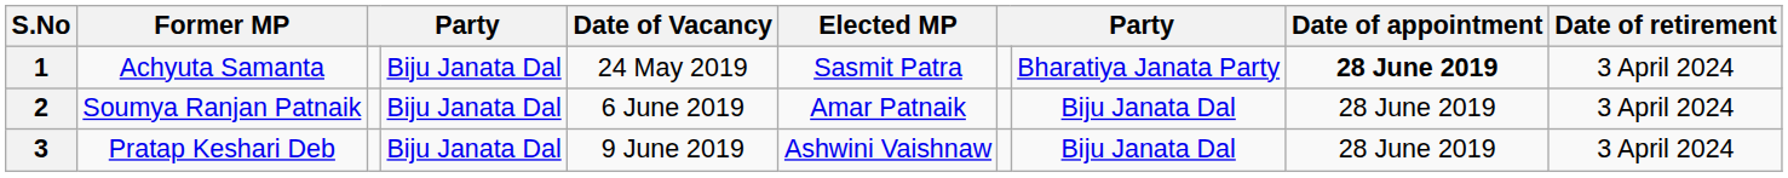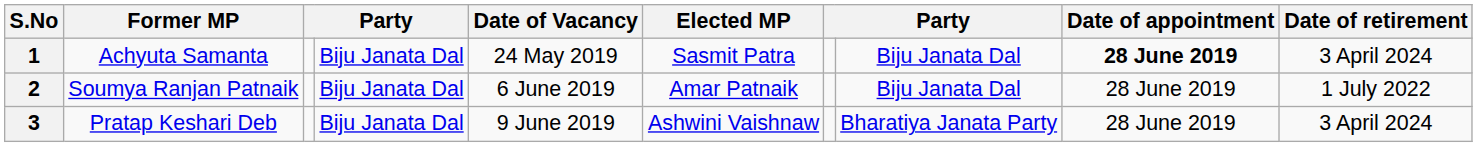 <table class="wikitable sortable">
 <tr>
 <th>S.No</th>
 <th>Former MP</th>
 <th colspan=2>Party</th>
 <th>Date of Vacancy</th>
 <th>Elected MP</th>
 <th colspan=2>Party</th>
 <th>Date of appointment</th>
 <th>Date of retirement</th>
 </tr>
 <tr style="text-align:center;">
 <th>1</th>
 <td><a href='#'>Achyuta Samanta</a></td>
 <td width="1"></td>
 <td><a href='#'>Biju Janata Dal</a></td>
 <td>24 May 2019</td>
 <td><a href='#'>Sasmit Patra</a></td>
 <td width="1"></td>
-<td><a href='#'>Bharatiya Janata Party</a></td>
+<td><a href='#'>Biju Janata Dal</a></td>
 <td><strong>28 June 2019</strong></td>
 <td>3 April 2024</td>
 </tr>
 <tr style="text-align:center;">
 <th>2</th>
 <td><a href='#'>Soumya Ranjan Patnaik</a></td>
 <td width="1"></td>
 <td><a href='#'>Biju Janata Dal</a></td>
 <td>6 June 2019</td>
 <td><a href='#'>Amar Patnaik</a></td>
 <td width="1"></td>
 <td><a href='#'>Biju Janata Dal</a></td>
 <td>28 June 2019</td>
-<td>3 April 2024</td>
+<td>1 July 2022</td>
 </tr>
 <tr style="text-align:center;">
 <th>3</th>
 <td><a href='#'>Pratap Keshari Deb</a></td>
 <td width="1"></td>
 <td><a href='#'>Biju Janata Dal</a></td>
 <td>9 June 2019</td>
 <td><a href='#'>Ashwini Vaishnaw</a></td>
 <td width="1"></td>
-<td><a href='#'>Biju Janata Dal</a></td>
+<td><a href='#'>Bharatiya Janata Party</a></td>
 <td>28 June 2019</td>
 <td>3 April 2024</td>
 </tr>
 </table>
